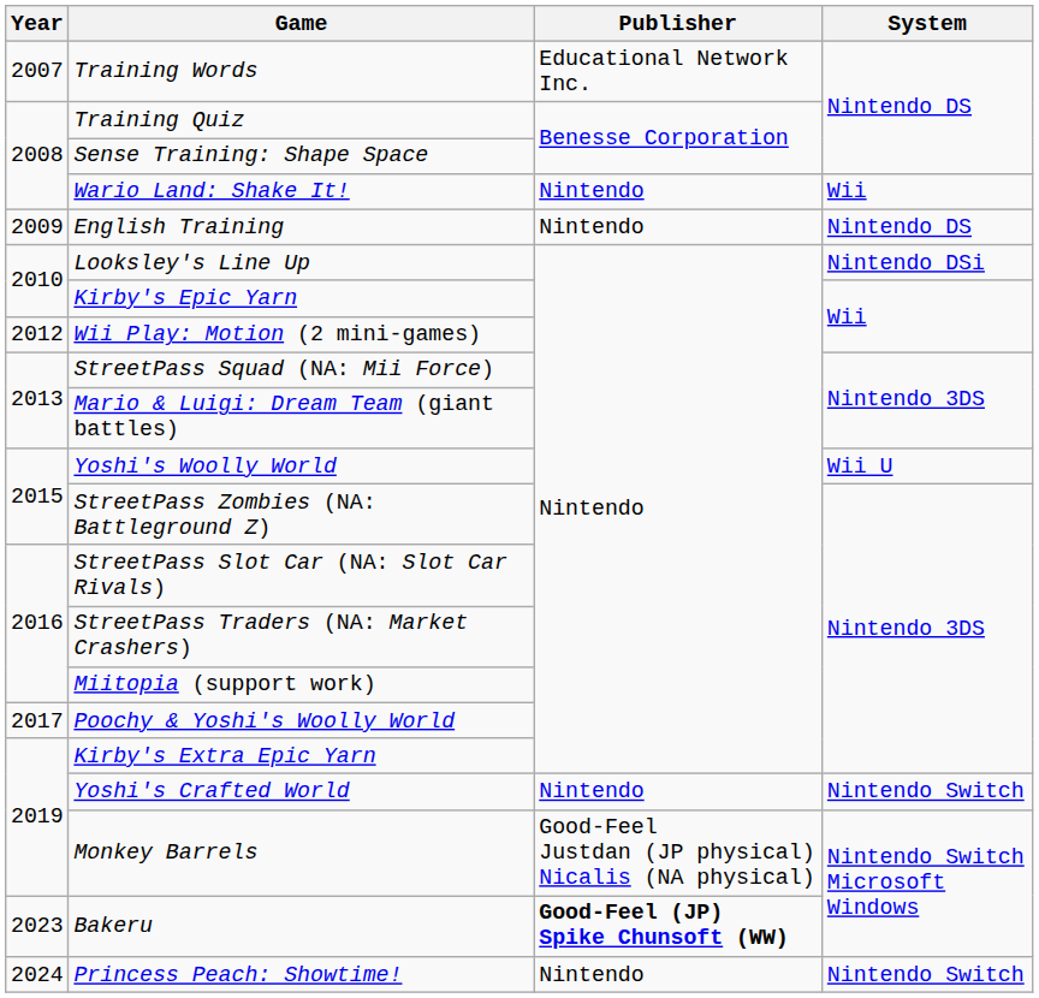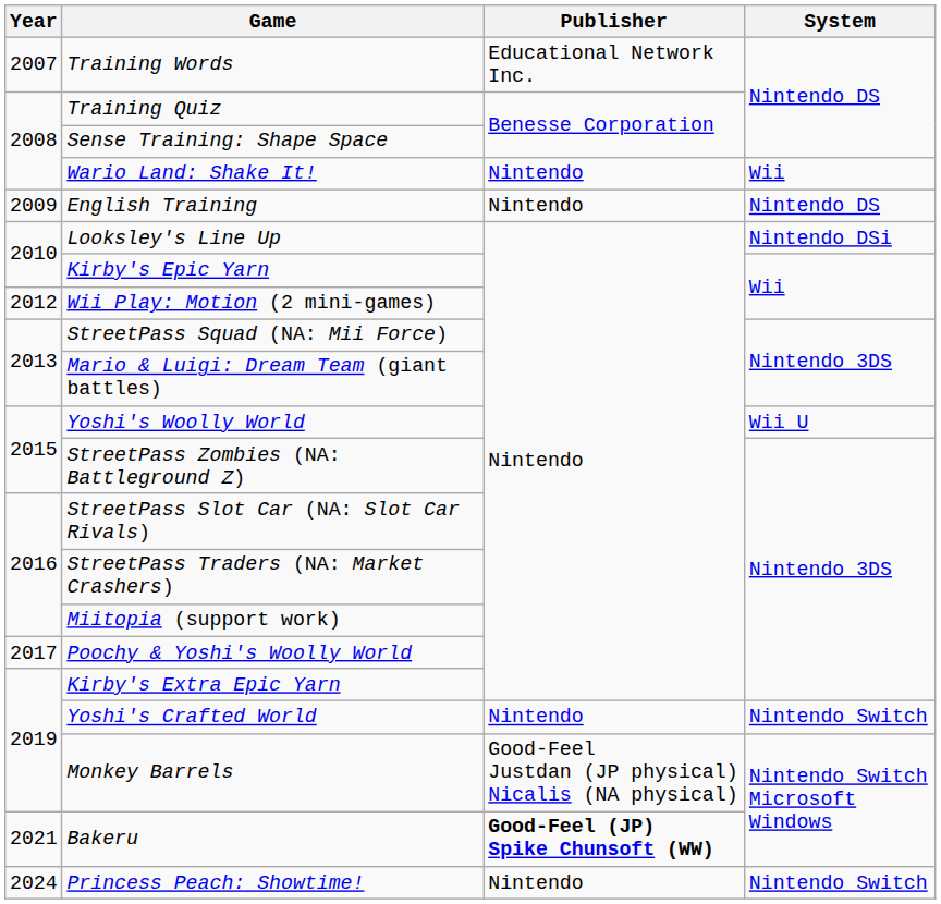 <table class="wikitable sortable">
 <tr>
 <th>Year</th>
 <th>Game</th>
 <th>Publisher</th>
 <th>System</th>
 </tr>
 <tr>
 <td>2007</td>
 <td><em>Training Words</em></td>
 <td>Educational Network Inc.</td>
 <td rowspan="3"><a href='#'>Nintendo DS</a></td>
 </tr>
 <tr>
 <td rowspan="3">2008</td>
 <td><em>Training Quiz</em></td>
 <td rowspan="2"><a href='#'>Benesse Corporation</a></td>
 </tr>
 <tr>
 <td><em>Sense Training: Shape Space</em></td>
 </tr>
 <tr>
 <td><em><a href='#'>Wario Land: Shake It!</a></em></td>
 <td><a href='#'>Nintendo</a></td>
 <td><a href='#'>Wii</a></td>
 </tr>
 <tr>
 <td>2009</td>
 <td><em>English Training</em></td>
 <td>Nintendo</td>
 <td><a href='#'>Nintendo DS</a></td>
 </tr>
 <tr>
 <td rowspan="2">2010</td>
 <td><em>Looksley's Line Up</em></td>
 <td rowspan="12">Nintendo</td>
 <td><a href='#'>Nintendo DSi</a></td>
 </tr>
 <tr>
 <td><em><a href='#'>Kirby's Epic Yarn</a></em></td>
 <td rowspan="2”"><a href='#'>Wii</a></td>
 </tr>
 <tr>
 <td>2012</td>
 <td><em><a href='#'>Wii Play: Motion</a></em> (2 mini-games)</td>
 </tr>
 <tr>
 <td rowspan="2">2013</td>
 <td><em>StreetPass Squad</em> (NA: <em>Mii Force</em>)</td>
 <td rowspan="2"><a href='#'>Nintendo 3DS</a></td>
 </tr>
 <tr>
 <td><em><a href='#'>Mario & Luigi: Dream Team</a></em> (giant battles)</td>
 </tr>
 <tr>
 <td rowspan="2">2015</td>
 <td><em><a href='#'>Yoshi's Woolly World</a></em></td>
 <td><a href='#'>Wii U</a></td>
 </tr>
 <tr>
 <td><em>StreetPass Zombies</em> (NA: <em>Battleground Z</em>)</td>
 <td rowspan="6"><a href='#'>Nintendo 3DS</a></td>
 </tr>
 <tr>
 <td rowspan="3">2016</td>
 <td><em>StreetPass Slot Car</em> (NA: <em>Slot Car Rivals</em>)</td>
 </tr>
 <tr>
 <td><em>StreetPass Traders</em> (NA: <em>Market Crashers</em>)</td>
 </tr>
 <tr>
 <td><em><a href='#'>Miitopia</a></em> (support work)</td>
 </tr>
 <tr>
 <td>2017</td>
 <td><em><a href='#'>Poochy & Yoshi's Woolly World</a></em></td>
 </tr>
 <tr>
 <td rowspan="3">2019</td>
 <td><em><a href='#'>Kirby's Extra Epic Yarn</a></em></td>
 </tr>
 <tr>
 <td><em><a href='#'>Yoshi's Crafted World</a></em></td>
 <td><a href='#'>Nintendo</a></td>
 <td><a href='#'>Nintendo Switch</a></td>
 </tr>
 <tr>
 <td><em>Monkey Barrels</em></td>
 <td>Good-Feel<br>Justdan (JP physical)<br><a href='#'>Nicalis</a> (NA physical)</td>
 <td rowspan="2"><a href='#'>Nintendo Switch</a><br><a href='#'>Microsoft Windows</a></td>
 </tr>
 <tr>
-<td>2023</td>
+<td>2021</td>
 <td><em>Bakeru</em></td>
 <td><strong>Good-Feel (JP)<br><a href='#'>Spike Chunsoft</a> (WW)</strong></td>
 </tr>
 <tr>
 <td>2024</td>
 <td><em><a href='#'>Princess Peach: Showtime!</a></em></td>
 <td>Nintendo</td>
 <td><a href='#'>Nintendo Switch</a></td>
 </tr>
 </table>
